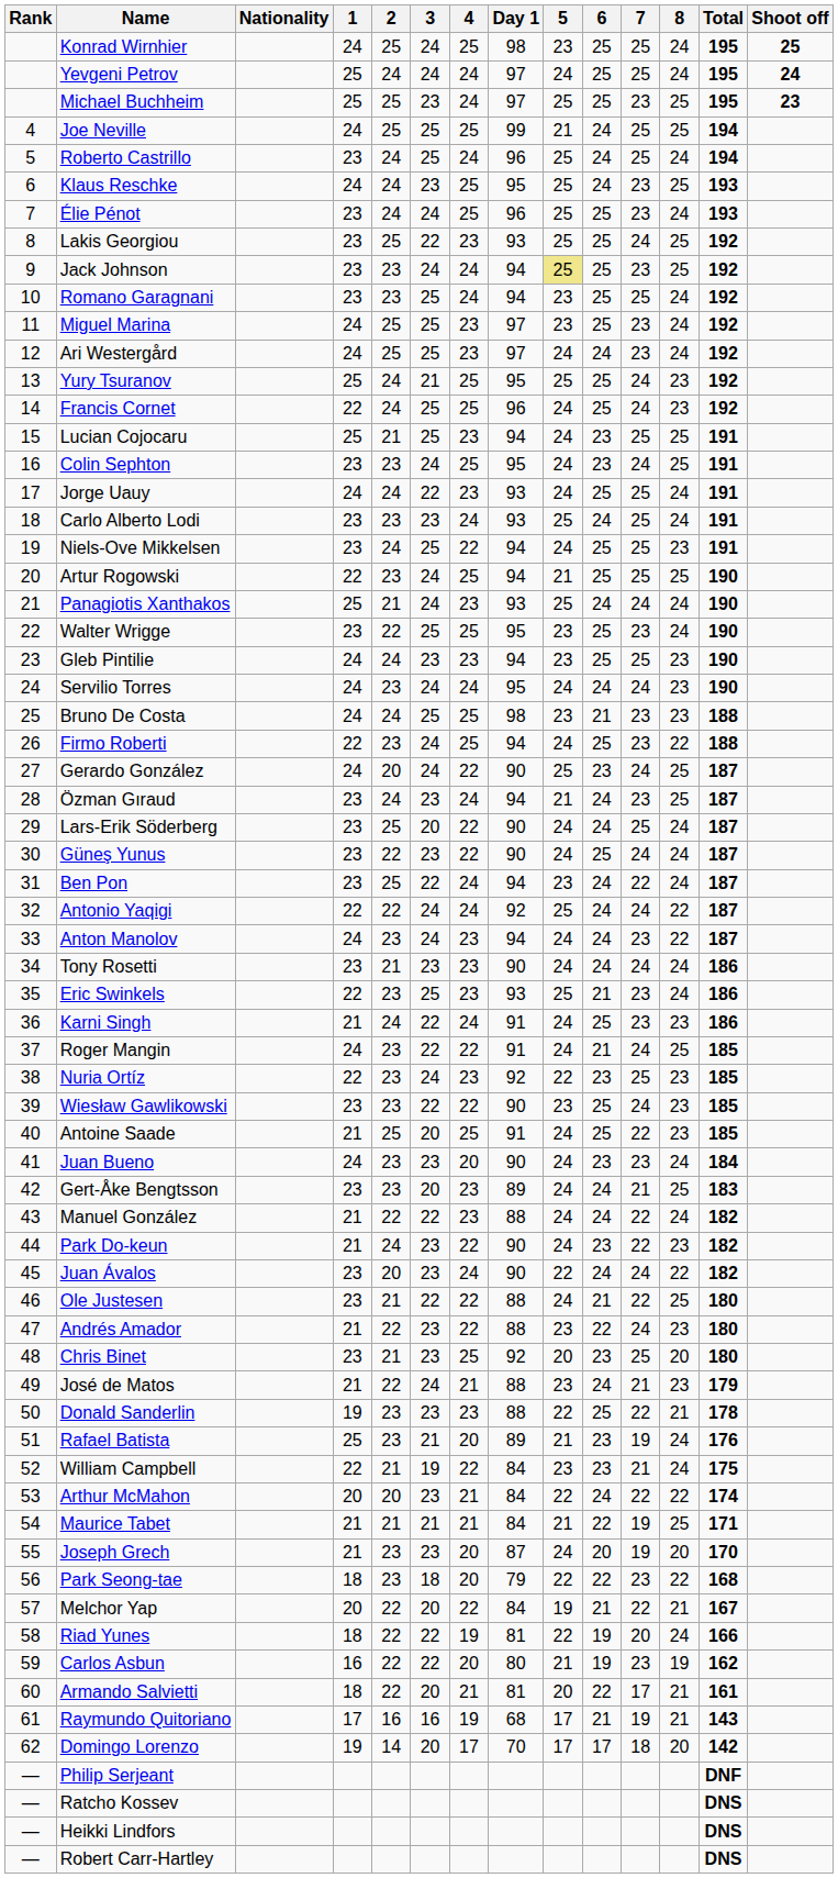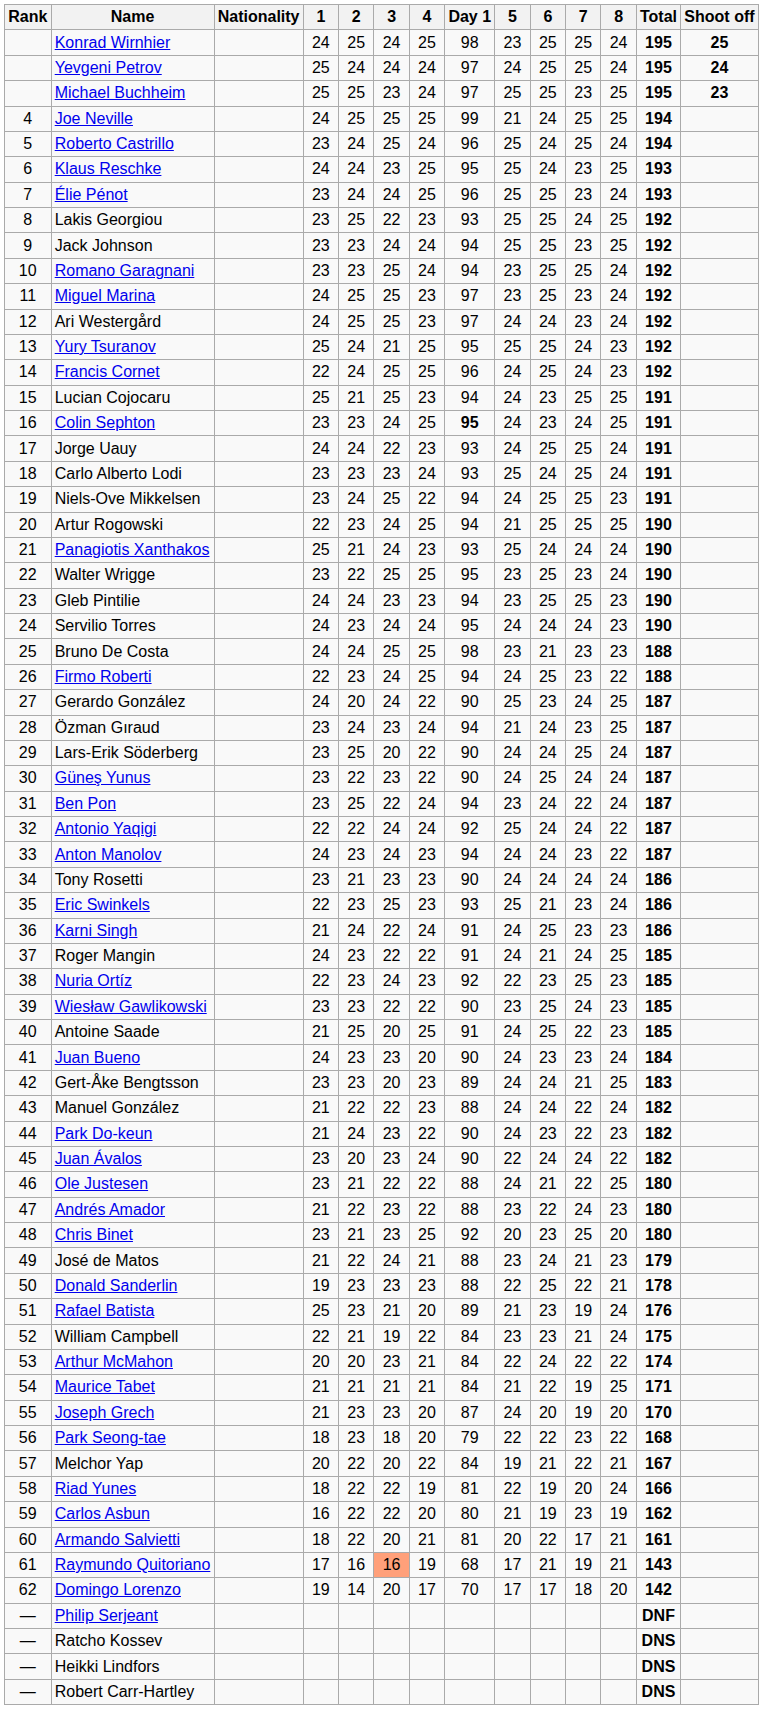 <table class="wikitable sortable" style="text-align: center">
 <tr>
 <th>Rank</th>
 <th>Name</th>
 <th>Nationality</th>
 <th class="unsortable" style="width: 28px">1</th>
 <th class="unsortable" style="width: 28px">2</th>
 <th class="unsortable" style="width: 28px">3</th>
 <th class="unsortable" style="width: 28px">4</th>
 <th>Day 1</th>
 <th class="unsortable" style="width: 28px">5</th>
 <th class="unsortable" style="width: 28px">6</th>
 <th class="unsortable" style="width: 28px">7</th>
 <th class="unsortable" style="width: 28px">8</th>
 <th>Total</th>
 <th>Shoot off</th>
 </tr>
 <tr>
 <td></td>
 <td style="text-align: left"><a href='#'>Konrad Wirnhier</a></td>
 <td style="text-align: left"></td>
 <td>24</td>
 <td>25</td>
 <td>24</td>
 <td>25</td>
 <td>98</td>
 <td>23</td>
 <td>25</td>
 <td>25</td>
 <td>24</td>
 <td><strong>195</strong></td>
 <td><strong>25</strong></td>
 </tr>
 <tr>
 <td></td>
 <td style="text-align: left"><a href='#'>Yevgeni Petrov</a></td>
 <td style="text-align: left"></td>
 <td>25</td>
 <td>24</td>
 <td>24</td>
 <td>24</td>
 <td>97</td>
 <td>24</td>
 <td>25</td>
 <td>25</td>
 <td>24</td>
 <td><strong>195</strong></td>
 <td><strong>24</strong></td>
 </tr>
 <tr>
 <td></td>
 <td style="text-align: left"><a href='#'>Michael Buchheim</a></td>
 <td style="text-align: left"></td>
 <td>25</td>
 <td>25</td>
 <td>23</td>
 <td>24</td>
 <td>97</td>
 <td>25</td>
 <td>25</td>
 <td>23</td>
 <td>25</td>
 <td><strong>195</strong></td>
 <td><strong>23</strong></td>
 </tr>
 <tr>
 <td>4</td>
 <td style="text-align: left"><a href='#'>Joe Neville</a></td>
 <td style="text-align: left"></td>
 <td>24</td>
 <td>25</td>
 <td>25</td>
 <td>25</td>
 <td>99</td>
 <td>21</td>
 <td>24</td>
 <td>25</td>
 <td>25</td>
 <td><strong>194</strong></td>
 <td></td>
 </tr>
 <tr>
 <td>5</td>
 <td style="text-align: left"><a href='#'>Roberto Castrillo</a></td>
 <td style="text-align: left"></td>
 <td>23</td>
 <td>24</td>
 <td>25</td>
 <td>24</td>
 <td>96</td>
 <td>25</td>
 <td>24</td>
 <td>25</td>
 <td>24</td>
 <td><strong>194</strong></td>
 <td></td>
 </tr>
 <tr>
 <td>6</td>
 <td style="text-align: left"><a href='#'>Klaus Reschke</a></td>
 <td style="text-align: left"></td>
 <td>24</td>
 <td>24</td>
 <td>23</td>
 <td>25</td>
 <td>95</td>
 <td>25</td>
 <td>24</td>
 <td>23</td>
 <td>25</td>
 <td><strong>193</strong></td>
 <td></td>
 </tr>
 <tr>
 <td>7</td>
 <td style="text-align: left"><a href='#'>Élie Pénot</a></td>
 <td style="text-align: left"></td>
 <td>23</td>
 <td>24</td>
 <td>24</td>
 <td>25</td>
 <td>96</td>
 <td>25</td>
 <td>25</td>
 <td>23</td>
 <td>24</td>
 <td><strong>193</strong></td>
 <td></td>
 </tr>
 <tr>
 <td>8</td>
 <td style="text-align: left">Lakis Georgiou</td>
 <td style="text-align: left"></td>
 <td>23</td>
 <td>25</td>
 <td>22</td>
 <td>23</td>
 <td>93</td>
 <td>25</td>
 <td>25</td>
 <td>24</td>
 <td>25</td>
 <td><strong>192</strong></td>
 <td></td>
 </tr>
 <tr>
 <td>9</td>
 <td style="text-align: left">Jack Johnson</td>
 <td style="text-align: left"></td>
 <td>23</td>
 <td>23</td>
 <td>24</td>
 <td>24</td>
 <td>94</td>
-<td style="background: khaki;">25</td>
+<td>25</td>
 <td>25</td>
 <td>23</td>
 <td>25</td>
 <td><strong>192</strong></td>
 <td></td>
 </tr>
 <tr>
 <td>10</td>
 <td style="text-align: left"><a href='#'>Romano Garagnani</a></td>
 <td style="text-align: left"></td>
 <td>23</td>
 <td>23</td>
 <td>25</td>
 <td>24</td>
 <td>94</td>
 <td>23</td>
 <td>25</td>
 <td>25</td>
 <td>24</td>
 <td><strong>192</strong></td>
 <td></td>
 </tr>
 <tr>
 <td>11</td>
 <td style="text-align: left"><a href='#'>Miguel Marina</a></td>
 <td style="text-align: left"></td>
 <td>24</td>
 <td>25</td>
 <td>25</td>
 <td>23</td>
 <td>97</td>
 <td>23</td>
 <td>25</td>
 <td>23</td>
 <td>24</td>
 <td><strong>192</strong></td>
 <td></td>
 </tr>
 <tr>
 <td>12</td>
 <td style="text-align: left">Ari Westergård</td>
 <td style="text-align: left"></td>
 <td>24</td>
 <td>25</td>
 <td>25</td>
 <td>23</td>
 <td>97</td>
 <td>24</td>
 <td>24</td>
 <td>23</td>
 <td>24</td>
 <td><strong>192</strong></td>
 <td></td>
 </tr>
 <tr>
 <td>13</td>
 <td style="text-align: left"><a href='#'>Yury Tsuranov</a></td>
 <td style="text-align: left"></td>
 <td>25</td>
 <td>24</td>
 <td>21</td>
 <td>25</td>
 <td>95</td>
 <td>25</td>
 <td>25</td>
 <td>24</td>
 <td>23</td>
 <td><strong>192</strong></td>
 <td></td>
 </tr>
 <tr>
 <td>14</td>
 <td style="text-align: left"><a href='#'>Francis Cornet</a></td>
 <td style="text-align: left"></td>
 <td>22</td>
 <td>24</td>
 <td>25</td>
 <td>25</td>
 <td>96</td>
 <td>24</td>
 <td>25</td>
 <td>24</td>
 <td>23</td>
 <td><strong>192</strong></td>
 <td></td>
 </tr>
 <tr>
 <td>15</td>
 <td style="text-align: left">Lucian Cojocaru</td>
 <td style="text-align: left"></td>
 <td>25</td>
 <td>21</td>
 <td>25</td>
 <td>23</td>
 <td>94</td>
 <td>24</td>
 <td>23</td>
 <td>25</td>
 <td>25</td>
 <td><strong>191</strong></td>
 <td></td>
 </tr>
 <tr>
 <td>16</td>
 <td style="text-align: left"><a href='#'>Colin Sephton</a></td>
 <td style="text-align: left"></td>
 <td>23</td>
 <td>23</td>
 <td>24</td>
 <td>25</td>
-<td>95</td>
+<td><strong>95</strong></td>
 <td>24</td>
 <td>23</td>
 <td>24</td>
 <td>25</td>
 <td><strong>191</strong></td>
 <td></td>
 </tr>
 <tr>
 <td>17</td>
 <td style="text-align: left">Jorge Uauy</td>
 <td style="text-align: left"></td>
 <td>24</td>
 <td>24</td>
 <td>22</td>
 <td>23</td>
 <td>93</td>
 <td>24</td>
 <td>25</td>
 <td>25</td>
 <td>24</td>
 <td><strong>191</strong></td>
 <td></td>
 </tr>
 <tr>
 <td>18</td>
 <td style="text-align: left">Carlo Alberto Lodi</td>
 <td style="text-align: left"></td>
 <td>23</td>
 <td>23</td>
 <td>23</td>
 <td>24</td>
 <td>93</td>
 <td>25</td>
 <td>24</td>
 <td>25</td>
 <td>24</td>
 <td><strong>191</strong></td>
 <td></td>
 </tr>
 <tr>
 <td>19</td>
 <td style="text-align: left">Niels-Ove Mikkelsen</td>
 <td style="text-align: left"></td>
 <td>23</td>
 <td>24</td>
 <td>25</td>
 <td>22</td>
 <td>94</td>
 <td>24</td>
 <td>25</td>
 <td>25</td>
 <td>23</td>
 <td><strong>191</strong></td>
 <td></td>
 </tr>
 <tr>
 <td>20</td>
 <td style="text-align: left">Artur Rogowski</td>
 <td style="text-align: left"></td>
 <td>22</td>
 <td>23</td>
 <td>24</td>
 <td>25</td>
 <td>94</td>
 <td>21</td>
 <td>25</td>
 <td>25</td>
 <td>25</td>
 <td><strong>190</strong></td>
 <td></td>
 </tr>
 <tr>
 <td>21</td>
 <td style="text-align: left"><a href='#'>Panagiotis Xanthakos</a></td>
 <td style="text-align: left"></td>
 <td>25</td>
 <td>21</td>
 <td>24</td>
 <td>23</td>
 <td>93</td>
 <td>25</td>
 <td>24</td>
 <td>24</td>
 <td>24</td>
 <td><strong>190</strong></td>
 <td></td>
 </tr>
 <tr>
 <td>22</td>
 <td style="text-align: left">Walter Wrigge</td>
 <td style="text-align: left"></td>
 <td>23</td>
 <td>22</td>
 <td>25</td>
 <td>25</td>
 <td>95</td>
 <td>23</td>
 <td>25</td>
 <td>23</td>
 <td>24</td>
 <td><strong>190</strong></td>
 <td></td>
 </tr>
 <tr>
 <td>23</td>
 <td style="text-align: left">Gleb Pintilie</td>
 <td style="text-align: left"></td>
 <td>24</td>
 <td>24</td>
 <td>23</td>
 <td>23</td>
 <td>94</td>
 <td>23</td>
 <td>25</td>
 <td>25</td>
 <td>23</td>
 <td><strong>190</strong></td>
 <td></td>
 </tr>
 <tr>
 <td>24</td>
 <td style="text-align: left">Servilio Torres</td>
 <td style="text-align: left"></td>
 <td>24</td>
 <td>23</td>
 <td>24</td>
 <td>24</td>
 <td>95</td>
 <td>24</td>
 <td>24</td>
 <td>24</td>
 <td>23</td>
 <td><strong>190</strong></td>
 <td></td>
 </tr>
 <tr>
 <td>25</td>
 <td style="text-align: left">Bruno De Costa</td>
 <td style="text-align: left"></td>
 <td>24</td>
 <td>24</td>
 <td>25</td>
 <td>25</td>
 <td>98</td>
 <td>23</td>
 <td>21</td>
 <td>23</td>
 <td>23</td>
 <td><strong>188</strong></td>
 <td></td>
 </tr>
 <tr>
 <td>26</td>
 <td style="text-align: left"><a href='#'>Firmo Roberti</a></td>
 <td style="text-align: left"></td>
 <td>22</td>
 <td>23</td>
 <td>24</td>
 <td>25</td>
 <td>94</td>
 <td>24</td>
 <td>25</td>
 <td>23</td>
 <td>22</td>
 <td><strong>188</strong></td>
 <td></td>
 </tr>
 <tr>
 <td>27</td>
 <td style="text-align: left">Gerardo González</td>
 <td style="text-align: left"></td>
 <td>24</td>
 <td>20</td>
 <td>24</td>
 <td>22</td>
 <td>90</td>
 <td>25</td>
 <td>23</td>
 <td>24</td>
 <td>25</td>
 <td><strong>187</strong></td>
 <td></td>
 </tr>
 <tr>
 <td>28</td>
 <td style="text-align: left">Özman Gıraud</td>
 <td style="text-align: left"></td>
 <td>23</td>
 <td>24</td>
 <td>23</td>
 <td>24</td>
 <td>94</td>
 <td>21</td>
 <td>24</td>
 <td>23</td>
 <td>25</td>
 <td><strong>187</strong></td>
 <td></td>
 </tr>
 <tr>
 <td>29</td>
 <td style="text-align: left">Lars-Erik Söderberg</td>
 <td style="text-align: left"></td>
 <td>23</td>
 <td>25</td>
 <td>20</td>
 <td>22</td>
 <td>90</td>
 <td>24</td>
 <td>24</td>
 <td>25</td>
 <td>24</td>
 <td><strong>187</strong></td>
 <td></td>
 </tr>
 <tr>
 <td>30</td>
 <td style="text-align: left"><a href='#'>Güneş Yunus</a></td>
 <td style="text-align: left"></td>
 <td>23</td>
 <td>22</td>
 <td>23</td>
 <td>22</td>
 <td>90</td>
 <td>24</td>
 <td>25</td>
 <td>24</td>
 <td>24</td>
 <td><strong>187</strong></td>
 <td></td>
 </tr>
 <tr>
 <td>31</td>
 <td style="text-align: left"><a href='#'>Ben Pon</a></td>
 <td style="text-align: left"></td>
 <td>23</td>
 <td>25</td>
 <td>22</td>
 <td>24</td>
 <td>94</td>
 <td>23</td>
 <td>24</td>
 <td>22</td>
 <td>24</td>
 <td><strong>187</strong></td>
 <td></td>
 </tr>
 <tr>
 <td>32</td>
 <td style="text-align: left"><a href='#'>Antonio Yaqigi</a></td>
 <td style="text-align: left"></td>
 <td>22</td>
 <td>22</td>
 <td>24</td>
 <td>24</td>
 <td>92</td>
 <td>25</td>
 <td>24</td>
 <td>24</td>
 <td>22</td>
 <td><strong>187</strong></td>
 <td></td>
 </tr>
 <tr>
 <td>33</td>
 <td style="text-align: left"><a href='#'>Anton Manolov</a></td>
 <td style="text-align: left"></td>
 <td>24</td>
 <td>23</td>
 <td>24</td>
 <td>23</td>
 <td>94</td>
 <td>24</td>
 <td>24</td>
 <td>23</td>
 <td>22</td>
 <td><strong>187</strong></td>
 <td></td>
 </tr>
 <tr>
 <td>34</td>
 <td style="text-align: left">Tony Rosetti</td>
 <td style="text-align: left"></td>
 <td>23</td>
 <td>21</td>
 <td>23</td>
 <td>23</td>
 <td>90</td>
 <td>24</td>
 <td>24</td>
 <td>24</td>
 <td>24</td>
 <td><strong>186</strong></td>
 <td></td>
 </tr>
 <tr>
 <td>35</td>
 <td style="text-align: left"><a href='#'>Eric Swinkels</a></td>
 <td style="text-align: left"></td>
 <td>22</td>
 <td>23</td>
 <td>25</td>
 <td>23</td>
 <td>93</td>
 <td>25</td>
 <td>21</td>
 <td>23</td>
 <td>24</td>
 <td><strong>186</strong></td>
 <td></td>
 </tr>
 <tr>
 <td>36</td>
 <td style="text-align: left"><a href='#'>Karni Singh</a></td>
 <td style="text-align: left"></td>
 <td>21</td>
 <td>24</td>
 <td>22</td>
 <td>24</td>
 <td>91</td>
 <td>24</td>
 <td>25</td>
 <td>23</td>
 <td>23</td>
 <td><strong>186</strong></td>
 <td></td>
 </tr>
 <tr>
 <td>37</td>
 <td style="text-align: left">Roger Mangin</td>
 <td style="text-align: left"></td>
 <td>24</td>
 <td>23</td>
 <td>22</td>
 <td>22</td>
 <td>91</td>
 <td>24</td>
 <td>21</td>
 <td>24</td>
 <td>25</td>
 <td><strong>185</strong></td>
 <td></td>
 </tr>
 <tr>
 <td>38</td>
 <td style="text-align: left"><a href='#'>Nuria Ortíz</a></td>
 <td style="text-align: left"></td>
 <td>22</td>
 <td>23</td>
 <td>24</td>
 <td>23</td>
 <td>92</td>
 <td>22</td>
 <td>23</td>
 <td>25</td>
 <td>23</td>
 <td><strong>185</strong></td>
 <td></td>
 </tr>
 <tr>
 <td>39</td>
 <td style="text-align: left"><a href='#'>Wiesław Gawlikowski</a></td>
 <td style="text-align: left"></td>
 <td>23</td>
 <td>23</td>
 <td>22</td>
 <td>22</td>
 <td>90</td>
 <td>23</td>
 <td>25</td>
 <td>24</td>
 <td>23</td>
 <td><strong>185</strong></td>
 <td></td>
 </tr>
 <tr>
 <td>40</td>
 <td style="text-align: left">Antoine Saade</td>
 <td style="text-align: left"></td>
 <td>21</td>
 <td>25</td>
 <td>20</td>
 <td>25</td>
 <td>91</td>
 <td>24</td>
 <td>25</td>
 <td>22</td>
 <td>23</td>
 <td><strong>185</strong></td>
 <td></td>
 </tr>
 <tr>
 <td>41</td>
 <td style="text-align: left"><a href='#'>Juan Bueno</a></td>
 <td style="text-align: left"></td>
 <td>24</td>
 <td>23</td>
 <td>23</td>
 <td>20</td>
 <td>90</td>
 <td>24</td>
 <td>23</td>
 <td>23</td>
 <td>24</td>
 <td><strong>184</strong></td>
 <td></td>
 </tr>
 <tr>
 <td>42</td>
 <td style="text-align: left">Gert-Åke Bengtsson</td>
 <td style="text-align: left"></td>
 <td>23</td>
 <td>23</td>
 <td>20</td>
 <td>23</td>
 <td>89</td>
 <td>24</td>
 <td>24</td>
 <td>21</td>
 <td>25</td>
 <td><strong>183</strong></td>
 <td></td>
 </tr>
 <tr>
 <td>43</td>
 <td style="text-align: left">Manuel González</td>
 <td style="text-align: left"></td>
 <td>21</td>
 <td>22</td>
 <td>22</td>
 <td>23</td>
 <td>88</td>
 <td>24</td>
 <td>24</td>
 <td>22</td>
 <td>24</td>
 <td><strong>182</strong></td>
 <td></td>
 </tr>
 <tr>
 <td>44</td>
 <td style="text-align: left"><a href='#'>Park Do-keun</a></td>
 <td style="text-align: left"></td>
 <td>21</td>
 <td>24</td>
 <td>23</td>
 <td>22</td>
 <td>90</td>
 <td>24</td>
 <td>23</td>
 <td>22</td>
 <td>23</td>
 <td><strong>182</strong></td>
 <td></td>
 </tr>
 <tr>
 <td>45</td>
 <td style="text-align: left"><a href='#'>Juan Ávalos</a></td>
 <td style="text-align: left"></td>
 <td>23</td>
 <td>20</td>
 <td>23</td>
 <td>24</td>
 <td>90</td>
 <td>22</td>
 <td>24</td>
 <td>24</td>
 <td>22</td>
 <td><strong>182</strong></td>
 <td></td>
 </tr>
 <tr>
 <td>46</td>
 <td style="text-align: left"><a href='#'>Ole Justesen</a></td>
 <td style="text-align: left"></td>
 <td>23</td>
 <td>21</td>
 <td>22</td>
 <td>22</td>
 <td>88</td>
 <td>24</td>
 <td>21</td>
 <td>22</td>
 <td>25</td>
 <td><strong>180</strong></td>
 <td></td>
 </tr>
 <tr>
 <td>47</td>
 <td style="text-align: left"><a href='#'>Andrés Amador</a></td>
 <td style="text-align: left"></td>
 <td>21</td>
 <td>22</td>
 <td>23</td>
 <td>22</td>
 <td>88</td>
 <td>23</td>
 <td>22</td>
 <td>24</td>
 <td>23</td>
 <td><strong>180</strong></td>
 <td></td>
 </tr>
 <tr>
 <td>48</td>
 <td style="text-align: left"><a href='#'>Chris Binet</a></td>
 <td style="text-align: left"></td>
 <td>23</td>
 <td>21</td>
 <td>23</td>
 <td>25</td>
 <td>92</td>
 <td>20</td>
 <td>23</td>
 <td>25</td>
 <td>20</td>
 <td><strong>180</strong></td>
 <td></td>
 </tr>
 <tr>
 <td>49</td>
 <td style="text-align: left">José de Matos</td>
 <td style="text-align: left"></td>
 <td>21</td>
 <td>22</td>
 <td>24</td>
 <td>21</td>
 <td>88</td>
 <td>23</td>
 <td>24</td>
 <td>21</td>
 <td>23</td>
 <td><strong>179</strong></td>
 <td></td>
 </tr>
 <tr>
 <td>50</td>
 <td style="text-align: left"><a href='#'>Donald Sanderlin</a></td>
 <td style="text-align: left"></td>
 <td>19</td>
 <td>23</td>
 <td>23</td>
 <td>23</td>
 <td>88</td>
 <td>22</td>
 <td>25</td>
 <td>22</td>
 <td>21</td>
 <td><strong>178</strong></td>
 <td></td>
 </tr>
 <tr>
 <td>51</td>
 <td style="text-align: left"><a href='#'>Rafael Batista</a></td>
 <td style="text-align: left"></td>
 <td>25</td>
 <td>23</td>
 <td>21</td>
 <td>20</td>
 <td>89</td>
 <td>21</td>
 <td>23</td>
 <td>19</td>
 <td>24</td>
 <td><strong>176</strong></td>
 <td></td>
 </tr>
 <tr>
 <td>52</td>
 <td style="text-align: left">William Campbell</td>
 <td style="text-align: left"></td>
 <td>22</td>
 <td>21</td>
 <td>19</td>
 <td>22</td>
 <td>84</td>
 <td>23</td>
 <td>23</td>
 <td>21</td>
 <td>24</td>
 <td><strong>175</strong></td>
 <td></td>
 </tr>
 <tr>
 <td>53</td>
 <td style="text-align: left"><a href='#'>Arthur McMahon</a></td>
 <td style="text-align: left"></td>
 <td>20</td>
 <td>20</td>
 <td>23</td>
 <td>21</td>
 <td>84</td>
 <td>22</td>
 <td>24</td>
 <td>22</td>
 <td>22</td>
 <td><strong>174</strong></td>
 <td></td>
 </tr>
 <tr>
 <td>54</td>
 <td style="text-align: left"><a href='#'>Maurice Tabet</a></td>
 <td style="text-align: left"></td>
 <td>21</td>
 <td>21</td>
 <td>21</td>
 <td>21</td>
 <td>84</td>
 <td>21</td>
 <td>22</td>
 <td>19</td>
 <td>25</td>
 <td><strong>171</strong></td>
 <td></td>
 </tr>
 <tr>
 <td>55</td>
 <td style="text-align: left"><a href='#'>Joseph Grech</a></td>
 <td style="text-align: left"></td>
 <td>21</td>
 <td>23</td>
 <td>23</td>
 <td>20</td>
 <td>87</td>
 <td>24</td>
 <td>20</td>
 <td>19</td>
 <td>20</td>
 <td><strong>170</strong></td>
 <td></td>
 </tr>
 <tr>
 <td>56</td>
 <td style="text-align: left"><a href='#'>Park Seong-tae</a></td>
 <td style="text-align: left"></td>
 <td>18</td>
 <td>23</td>
 <td>18</td>
 <td>20</td>
 <td>79</td>
 <td>22</td>
 <td>22</td>
 <td>23</td>
 <td>22</td>
 <td><strong>168</strong></td>
 <td></td>
 </tr>
 <tr>
 <td>57</td>
 <td style="text-align: left">Melchor Yap</td>
 <td style="text-align: left"></td>
 <td>20</td>
 <td>22</td>
 <td>20</td>
 <td>22</td>
 <td>84</td>
 <td>19</td>
 <td>21</td>
 <td>22</td>
 <td>21</td>
 <td><strong>167</strong></td>
 <td></td>
 </tr>
 <tr>
 <td>58</td>
 <td style="text-align: left"><a href='#'>Riad Yunes</a></td>
 <td style="text-align: left"></td>
 <td>18</td>
 <td>22</td>
 <td>22</td>
 <td>19</td>
 <td>81</td>
 <td>22</td>
 <td>19</td>
 <td>20</td>
 <td>24</td>
 <td><strong>166</strong></td>
 <td></td>
 </tr>
 <tr>
 <td>59</td>
 <td style="text-align: left"><a href='#'>Carlos Asbun</a></td>
 <td style="text-align: left"></td>
 <td>16</td>
 <td>22</td>
 <td>22</td>
 <td>20</td>
 <td>80</td>
 <td>21</td>
 <td>19</td>
 <td>23</td>
 <td>19</td>
 <td><strong>162</strong></td>
 <td></td>
 </tr>
 <tr>
 <td>60</td>
 <td style="text-align: left"><a href='#'>Armando Salvietti</a></td>
 <td style="text-align: left"></td>
 <td>18</td>
 <td>22</td>
 <td>20</td>
 <td>21</td>
 <td>81</td>
 <td>20</td>
 <td>22</td>
 <td>17</td>
 <td>21</td>
 <td><strong>161</strong></td>
 <td></td>
 </tr>
 <tr>
 <td>61</td>
 <td style="text-align: left"><a href='#'>Raymundo Quitoriano</a></td>
 <td style="text-align: left"></td>
 <td>17</td>
 <td>16</td>
-<td>16</td>
+<td style="background: lightsalmon;">16</td>
 <td>19</td>
 <td>68</td>
 <td>17</td>
 <td>21</td>
 <td>19</td>
 <td>21</td>
 <td><strong>143</strong></td>
 <td></td>
 </tr>
 <tr>
 <td>62</td>
 <td style="text-align: left"><a href='#'>Domingo Lorenzo</a></td>
 <td style="text-align: left"></td>
 <td>19</td>
 <td>14</td>
 <td>20</td>
 <td>17</td>
 <td>70</td>
 <td>17</td>
 <td>17</td>
 <td>18</td>
 <td>20</td>
 <td><strong>142</strong></td>
 <td></td>
 </tr>
 <tr>
 <td>—</td>
 <td style="text-align: left"><a href='#'>Philip Serjeant</a></td>
 <td style="text-align: left"></td>
 <td></td>
 <td></td>
 <td></td>
 <td></td>
 <td></td>
 <td></td>
 <td></td>
 <td></td>
 <td></td>
 <td><strong>DNF</strong></td>
 <td></td>
 </tr>
 <tr>
 <td>—</td>
 <td style="text-align: left">Ratcho Kossev</td>
 <td style="text-align: left"></td>
 <td></td>
 <td></td>
 <td></td>
 <td></td>
 <td></td>
 <td></td>
 <td></td>
 <td></td>
 <td></td>
 <td><strong>DNS</strong></td>
 <td></td>
 </tr>
 <tr>
 <td>—</td>
 <td style="text-align: left">Heikki Lindfors</td>
 <td style="text-align: left"></td>
 <td></td>
 <td></td>
 <td></td>
 <td></td>
 <td></td>
 <td></td>
 <td></td>
 <td></td>
 <td></td>
 <td><strong>DNS</strong></td>
 <td></td>
 </tr>
 <tr>
 <td>—</td>
 <td style="text-align: left">Robert Carr-Hartley</td>
 <td style="text-align: left"></td>
 <td></td>
 <td></td>
 <td></td>
 <td></td>
 <td></td>
 <td></td>
 <td></td>
 <td></td>
 <td></td>
 <td><strong>DNS</strong></td>
 <td></td>
 </tr>
 <tr>
 </tr>
 </table>
